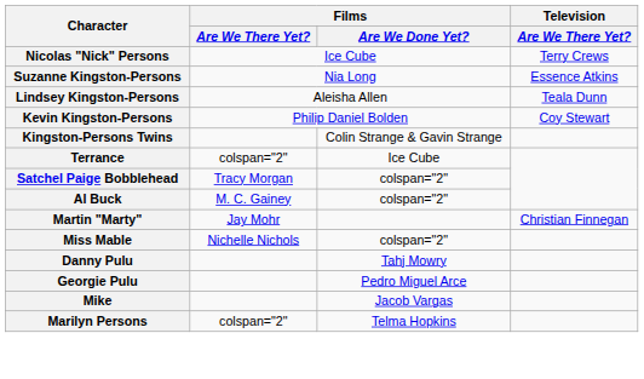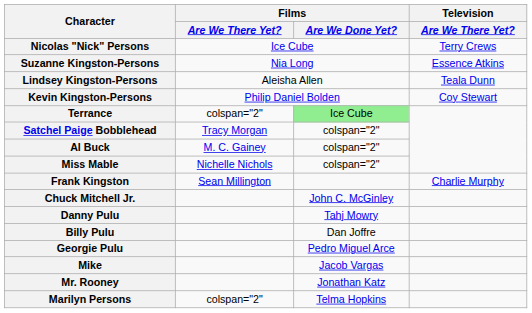 <table class="wikitable" style="text-align:center; width:80%; font-size:90%">
 <tr>
 <th rowspan="2">Character</th>
 <th colspan="2" align="center">Films</th>
 <th align="center">Television</th>
 </tr>
 <tr>
 <th align="center"><em><a href='#'>Are We There Yet?</a></em></th>
 <th align="center"><em><a href='#'>Are We Done Yet?</a></em></th>
 <th align="center"><em><a href='#'>Are We There Yet?</a></em> <br></th>
 </tr>
 <tr>
 <th>Nicolas "Nick" Persons</th>
 <td colspan="2"><a href='#'>Ice Cube</a></td>
 <td><a href='#'>Terry Crews</a></td>
 </tr>
 <tr>
 <th>Suzanne Kingston-Persons</th>
 <td colspan="2"><a href='#'>Nia Long</a></td>
 <td><a href='#'>Essence Atkins</a></td>
 </tr>
 <tr>
 <th>Lindsey Kingston-Persons</th>
 <td colspan="2">Aleisha Allen</td>
 <td><a href='#'>Teala Dunn</a></td>
 </tr>
 <tr>
 <th>Kevin Kingston-Persons</th>
 <td colspan="2"><a href='#'>Philip Daniel Bolden</a></td>
 <td><a href='#'>Coy Stewart</a></td>
 </tr>
 <tr>
-<th>Kingston-Persons Twins</th>
-<td></td>
-<td>Colin Strange & Gavin Strange</td>
-<td></td>
-</tr>
-<tr>
 <th>Terrance</th>
 <td>colspan="2" </td>
-<td>Ice Cube</td>
+<td style="background: lightgreen;">Ice Cube</td>
 </tr>
 <tr>
 <th><a href='#'>Satchel Paige</a> Bobblehead</th>
 <td><a href='#'>Tracy Morgan</a></td>
 <td>colspan="2" </td>
 </tr>
 <tr>
 <th>Al Buck</th>
 <td><a href='#'>M. C. Gainey</a></td>
 <td>colspan="2" </td>
 </tr>
 <tr>
-<th>Martin "Marty"</th>
-<td><a href='#'>Jay Mohr</a></td>
-<td></td>
-<td><a href='#'>Christian Finnegan</a></td>
-</tr>
-<tr>
 <th>Miss Mable</th>
 <td><a href='#'>Nichelle Nichols</a></td>
 <td>colspan="2" </td>
 </tr>
 <tr>
+<th>Frank Kingston</th>
+<td><a href='#'>Sean Millington</a></td>
+<td></td>
+<td><a href='#'>Charlie Murphy</a></td>
+</tr>
+<tr>
+<th>Chuck Mitchell Jr.</th>
+<td></td>
+<td><a href='#'>John C. McGinley</a></td>
+<td></td>
+</tr>
+<tr>
 <th>Danny Pulu</th>
 <td></td>
 <td><a href='#'>Tahj Mowry</a></td>
+<td></td>
+</tr>
+<tr>
+<th>Billy Pulu</th>
+<td></td>
+<td>Dan Joffre</td>
 <td></td>
 </tr>
 <tr>
 <th>Georgie Pulu</th>
 <td></td>
 <td><a href='#'>Pedro Miguel Arce</a></td>
 <td></td>
 </tr>
 <tr>
 <th>Mike</th>
 <td></td>
 <td><a href='#'>Jacob Vargas</a></td>
 <td></td>
 </tr>
 <tr>
+<th>Mr. Rooney</th>
+<td></td>
+<td><a href='#'>Jonathan Katz</a></td>
+<td></td>
+</tr>
+<tr>
 <th>Marilyn Persons</th>
 <td>colspan="2" </td>
 <td><a href='#'>Telma Hopkins</a></td>
 </tr>
 </table>
